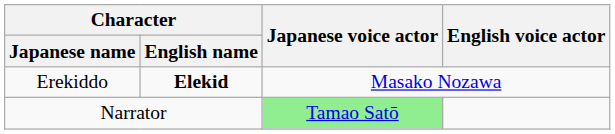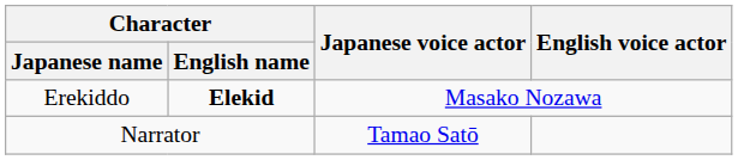 <table class="wikitable" style="text-align:center;">
 <tr>
 <th colspan="2">Character</th>
 <th rowspan="2">Japanese voice actor</th>
 <th rowspan="2">English voice actor</th>
 </tr>
 <tr>
 <th>Japanese name</th>
 <th>English name</th>
 </tr>
 <tr>
 <td>Erekiddo</td>
 <td><strong>Elekid</strong></td>
 <td colspan="2"><a href='#'>Masako Nozawa</a></td>
 </tr>
 <tr>
 <td colspan="2">Narrator</td>
-<td style="background: lightgreen;"><a href='#'>Tamao Satō</a></td>
+<td><a href='#'>Tamao Satō</a></td>
 <td></td>
 </tr>
 </table>
